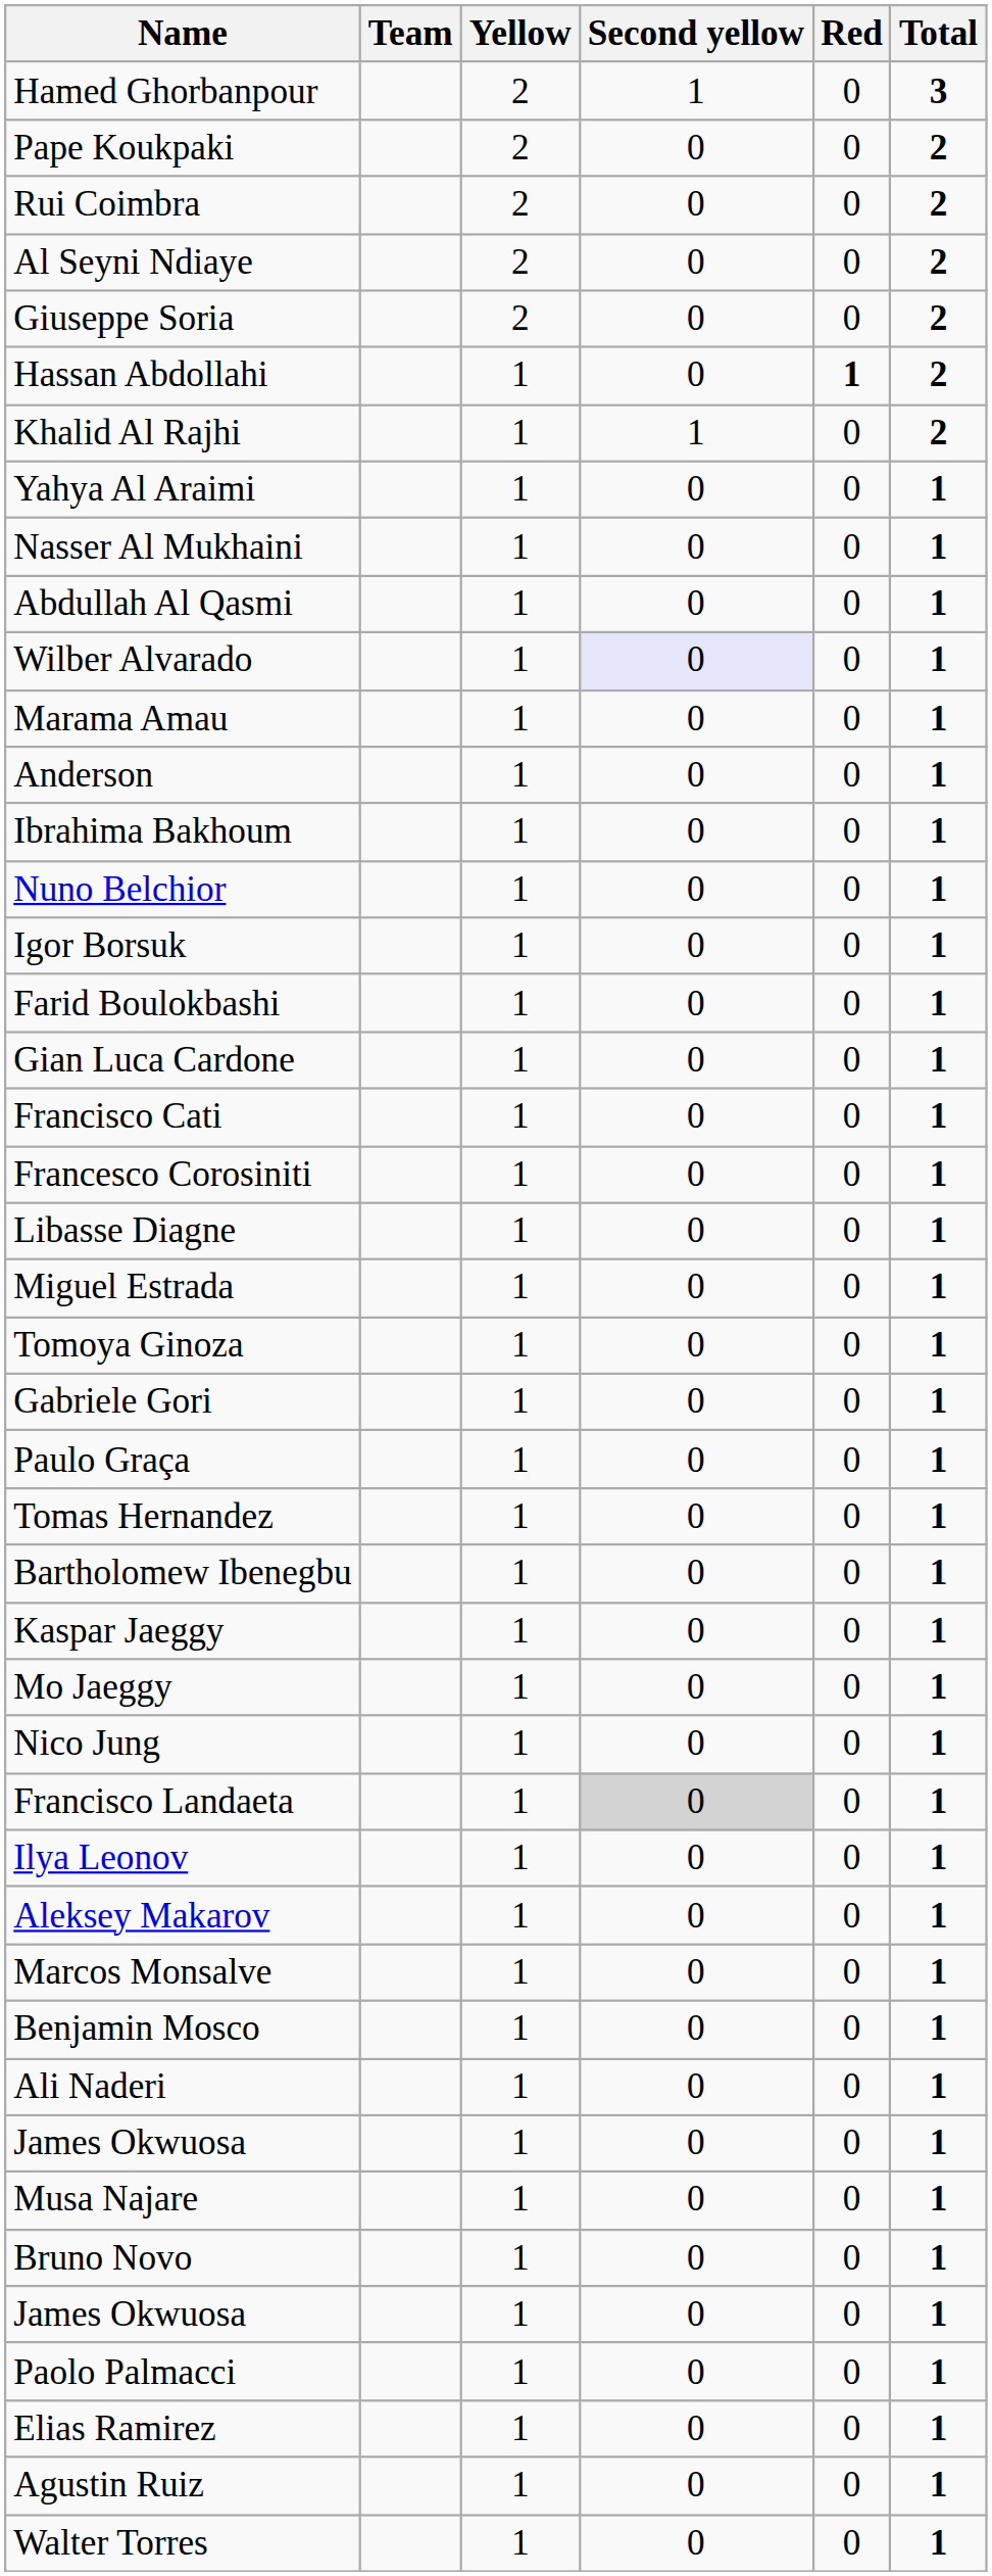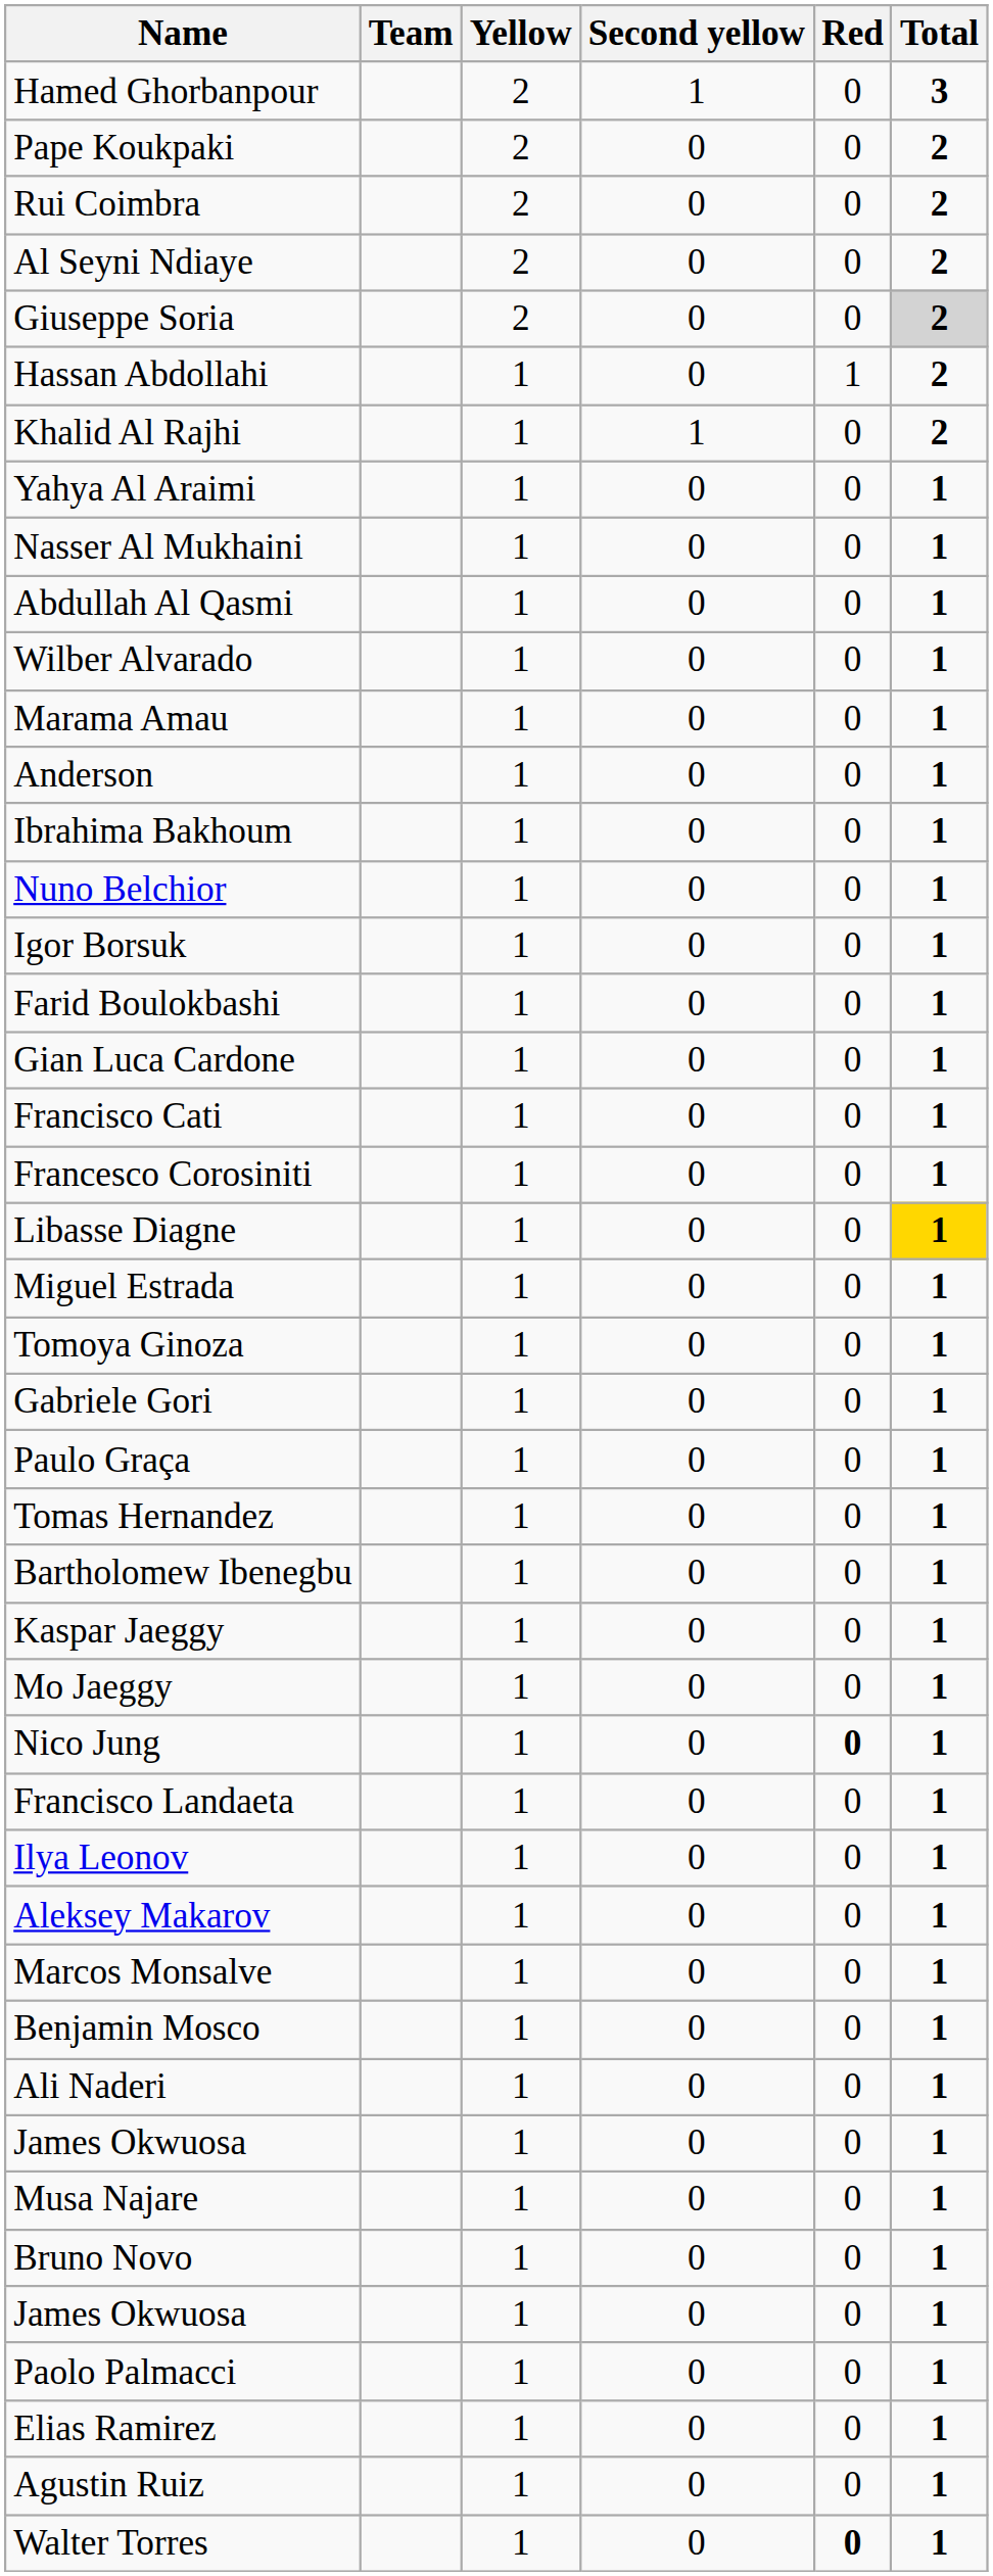 <table class="wikitable sortable" style="text-align:center">
 <tr>
 <th>Name</th>
 <th>Team</th>
 <th> Yellow</th>
 <th> Second yellow</th>
 <th> Red</th>
 <th><strong>Total</strong></th>
 </tr>
 <tr>
 <td style="text-align:left;">Hamed Ghorbanpour</td>
 <td style="text-align:left;"></td>
 <td>2</td>
 <td>1</td>
 <td>0</td>
 <td><strong>3</strong></td>
 </tr>
 <tr>
 <td style="text-align:left;">Pape Koukpaki</td>
 <td style="text-align:left;"></td>
 <td>2</td>
 <td>0</td>
 <td>0</td>
 <td><strong>2</strong></td>
 </tr>
 <tr>
 <td style="text-align:left;">Rui Coimbra</td>
 <td style="text-align:left;"></td>
 <td>2</td>
 <td>0</td>
 <td>0</td>
 <td><strong>2</strong></td>
 </tr>
 <tr>
 <td style="text-align:left;">Al Seyni Ndiaye</td>
 <td style="text-align:left;"></td>
 <td>2</td>
 <td>0</td>
 <td>0</td>
 <td><strong>2</strong></td>
 </tr>
 <tr>
 <td style="text-align:left;">Giuseppe Soria</td>
 <td style="text-align:left;"></td>
 <td>2</td>
 <td>0</td>
 <td>0</td>
-<td><strong>2</strong></td>
+<td style="background: lightgrey;"><strong>2</strong></td>
 </tr>
 <tr>
 <td style="text-align:left;">Hassan Abdollahi</td>
 <td style="text-align:left;"></td>
 <td>1</td>
 <td>0</td>
-<td><strong>1</strong></td>
+<td>1</td>
 <td><strong>2</strong></td>
 </tr>
 <tr>
 <td style="text-align:left;">Khalid Al Rajhi</td>
 <td style="text-align:left;"></td>
 <td>1</td>
 <td>1</td>
 <td>0</td>
 <td><strong>2</strong></td>
 </tr>
 <tr>
 <td style="text-align:left;">Yahya Al Araimi</td>
 <td style="text-align:left;"></td>
 <td>1</td>
 <td>0</td>
 <td>0</td>
 <td><strong>1</strong></td>
 </tr>
 <tr>
 <td style="text-align:left;">Nasser Al Mukhaini</td>
 <td style="text-align:left;"></td>
 <td>1</td>
 <td>0</td>
 <td>0</td>
 <td><strong>1</strong></td>
 </tr>
 <tr>
 <td style="text-align:left;">Abdullah Al Qasmi</td>
 <td style="text-align:left;"></td>
 <td>1</td>
 <td>0</td>
 <td>0</td>
 <td><strong>1</strong></td>
 </tr>
 <tr>
 <td style="text-align:left;">Wilber Alvarado</td>
 <td style="text-align:left;"></td>
 <td>1</td>
-<td style="background: lavender;">0</td>
+<td>0</td>
 <td>0</td>
 <td><strong>1</strong></td>
 </tr>
 <tr>
 <td style="text-align:left;">Marama Amau</td>
 <td style="text-align:left;"></td>
 <td>1</td>
 <td>0</td>
 <td>0</td>
 <td><strong>1</strong></td>
 </tr>
 <tr>
 <td style="text-align:left;">Anderson</td>
 <td style="text-align:left;"></td>
 <td>1</td>
 <td>0</td>
 <td>0</td>
 <td><strong>1</strong></td>
 </tr>
 <tr>
 <td style="text-align:left;">Ibrahima Bakhoum</td>
 <td style="text-align:left;"></td>
 <td>1</td>
 <td>0</td>
 <td>0</td>
 <td><strong>1</strong></td>
 </tr>
 <tr>
 <td style="text-align:left;"><a href='#'>Nuno Belchior</a></td>
 <td style="text-align:left;"></td>
 <td>1</td>
 <td>0</td>
 <td>0</td>
 <td><strong>1</strong></td>
 </tr>
 <tr>
 <td style="text-align:left;">Igor Borsuk</td>
 <td style="text-align:left;"></td>
 <td>1</td>
 <td>0</td>
 <td>0</td>
 <td><strong>1</strong></td>
 </tr>
 <tr>
 <td style="text-align:left;">Farid Boulokbashi</td>
 <td style="text-align:left;"></td>
 <td>1</td>
 <td>0</td>
 <td>0</td>
 <td><strong>1</strong></td>
 </tr>
 <tr>
 <td style="text-align:left;">Gian Luca Cardone</td>
 <td style="text-align:left;"></td>
 <td>1</td>
 <td>0</td>
 <td>0</td>
 <td><strong>1</strong></td>
 </tr>
 <tr>
 <td style="text-align:left;">Francisco Cati</td>
 <td style="text-align:left;"></td>
 <td>1</td>
 <td>0</td>
 <td>0</td>
 <td><strong>1</strong></td>
 </tr>
 <tr>
 <td style="text-align:left;">Francesco Corosiniti</td>
 <td style="text-align:left;"></td>
 <td>1</td>
 <td>0</td>
 <td>0</td>
 <td><strong>1</strong></td>
 </tr>
 <tr>
 <td style="text-align:left;">Libasse Diagne</td>
 <td style="text-align:left;"></td>
 <td>1</td>
 <td>0</td>
 <td>0</td>
-<td><strong>1</strong></td>
+<td style="background: gold;"><strong>1</strong></td>
 </tr>
 <tr>
 <td style="text-align:left;">Miguel Estrada</td>
 <td style="text-align:left;"></td>
 <td>1</td>
 <td>0</td>
 <td>0</td>
 <td><strong>1</strong></td>
 </tr>
 <tr>
 <td style="text-align:left;">Tomoya Ginoza</td>
 <td style="text-align:left;"></td>
 <td>1</td>
 <td>0</td>
 <td>0</td>
 <td><strong>1</strong></td>
 </tr>
 <tr>
 <td style="text-align:left;">Gabriele Gori</td>
 <td style="text-align:left;"></td>
 <td>1</td>
 <td>0</td>
 <td>0</td>
 <td><strong>1</strong></td>
 </tr>
 <tr>
 <td style="text-align:left;">Paulo Graça</td>
 <td style="text-align:left;"></td>
 <td>1</td>
 <td>0</td>
 <td>0</td>
 <td><strong>1</strong></td>
 </tr>
 <tr>
 <td style="text-align:left;">Tomas Hernandez</td>
 <td style="text-align:left;"></td>
 <td>1</td>
 <td>0</td>
 <td>0</td>
 <td><strong>1</strong></td>
 </tr>
 <tr>
 <td style="text-align:left;">Bartholomew Ibenegbu</td>
 <td style="text-align:left;"></td>
 <td>1</td>
 <td>0</td>
 <td>0</td>
 <td><strong>1</strong></td>
 </tr>
 <tr>
 <td style="text-align:left;">Kaspar Jaeggy</td>
 <td style="text-align:left;"></td>
 <td>1</td>
 <td>0</td>
 <td>0</td>
 <td><strong>1</strong></td>
 </tr>
 <tr>
 <td style="text-align:left;">Mo Jaeggy</td>
 <td style="text-align:left;"></td>
 <td>1</td>
 <td>0</td>
 <td>0</td>
 <td><strong>1</strong></td>
 </tr>
 <tr>
 <td style="text-align:left;">Nico Jung</td>
 <td style="text-align:left;"></td>
 <td>1</td>
 <td>0</td>
-<td>0</td>
+<td><strong>0</strong></td>
 <td><strong>1</strong></td>
 </tr>
 <tr>
 <td style="text-align:left;">Francisco Landaeta</td>
 <td style="text-align:left;"></td>
 <td>1</td>
-<td style="background: lightgrey;">0</td>
+<td>0</td>
 <td>0</td>
 <td><strong>1</strong></td>
 </tr>
 <tr>
 <td style="text-align:left;"><a href='#'>Ilya Leonov</a></td>
 <td style="text-align:left;"></td>
 <td>1</td>
 <td>0</td>
 <td>0</td>
 <td><strong>1</strong></td>
 </tr>
 <tr>
 <td style="text-align:left;"><a href='#'>Aleksey Makarov</a></td>
 <td style="text-align:left;"></td>
 <td>1</td>
 <td>0</td>
 <td>0</td>
 <td><strong>1</strong></td>
 </tr>
 <tr>
 <td style="text-align:left;">Marcos Monsalve</td>
 <td style="text-align:left;"></td>
 <td>1</td>
 <td>0</td>
 <td>0</td>
 <td><strong>1</strong></td>
 </tr>
 <tr>
 <td style="text-align:left;">Benjamin Mosco</td>
 <td style="text-align:left;"></td>
 <td>1</td>
 <td>0</td>
 <td>0</td>
 <td><strong>1</strong></td>
 </tr>
 <tr>
 <td style="text-align:left;">Ali Naderi</td>
 <td style="text-align:left;"></td>
 <td>1</td>
 <td>0</td>
 <td>0</td>
 <td><strong>1</strong></td>
 </tr>
 <tr>
 <td style="text-align:left;">James Okwuosa</td>
 <td style="text-align:left;"></td>
 <td>1</td>
 <td>0</td>
 <td>0</td>
 <td><strong>1</strong></td>
 </tr>
 <tr>
 <td style="text-align:left;">Musa Najare</td>
 <td style="text-align:left;"></td>
 <td>1</td>
 <td>0</td>
 <td>0</td>
 <td><strong>1</strong></td>
 </tr>
 <tr>
 <td style="text-align:left;">Bruno Novo</td>
 <td style="text-align:left;"></td>
 <td>1</td>
 <td>0</td>
 <td>0</td>
 <td><strong>1</strong></td>
 </tr>
 <tr>
 <td style="text-align:left;">James Okwuosa</td>
 <td style="text-align:left;"></td>
 <td>1</td>
 <td>0</td>
 <td>0</td>
 <td><strong>1</strong></td>
 </tr>
 <tr>
 <td style="text-align:left;">Paolo Palmacci</td>
 <td style="text-align:left;"></td>
 <td>1</td>
 <td>0</td>
 <td>0</td>
 <td><strong>1</strong></td>
 </tr>
 <tr>
 <td style="text-align:left;">Elias Ramirez</td>
 <td style="text-align:left;"></td>
 <td>1</td>
 <td>0</td>
 <td>0</td>
 <td><strong>1</strong></td>
 </tr>
 <tr>
 <td style="text-align:left;">Agustin Ruiz</td>
 <td style="text-align:left;"></td>
 <td>1</td>
 <td>0</td>
 <td>0</td>
 <td><strong>1</strong></td>
 </tr>
 <tr>
 <td style="text-align:left;">Walter Torres</td>
 <td style="text-align:left;"></td>
 <td>1</td>
 <td>0</td>
-<td>0</td>
+<td><strong>0</strong></td>
 <td><strong>1</strong></td>
 </tr>
 </table>
